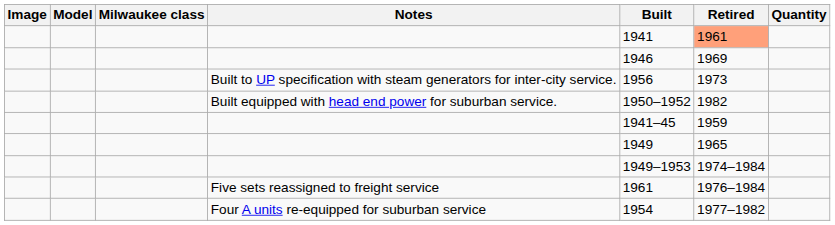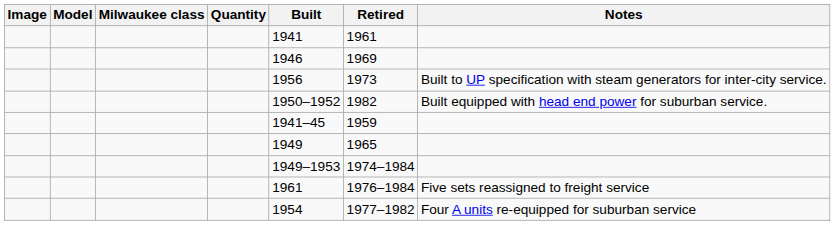 <table class="wikitable sortable">
 <tr>
 <th>Image</th>
 <th>Model</th>
 <th>Milwaukee class</th>
-<th>Notes</th>
+<th>Quantity</th>
 <th>Built</th>
 <th>Retired</th>
-<th>Quantity</th>
+<th>Notes</th>
 </tr>
 <tr>
 <td></td>
 <td></td>
 <td></td>
 <td></td>
 <td>1941</td>
-<td style="background: lightsalmon;">1961</td>
+<td>1961</td>
 <td></td>
 </tr>
 <tr>
 <td></td>
 <td></td>
 <td></td>
 <td></td>
 <td>1946</td>
 <td>1969</td>
 <td></td>
 </tr>
 <tr>
 <td></td>
 <td></td>
 <td></td>
-<td>Built to <a href='#'>UP</a> specification with steam generators for inter-city service.</td>
+<td></td>
 <td>1956</td>
 <td>1973</td>
-<td></td>
+<td>Built to <a href='#'>UP</a> specification with steam generators for inter-city service.</td>
 </tr>
 <tr>
 <td></td>
 <td></td>
 <td></td>
-<td>Built equipped with <a href='#'>head end power</a> for suburban service.</td>
+<td></td>
 <td>1950–1952</td>
 <td>1982</td>
-<td></td>
+<td>Built equipped with <a href='#'>head end power</a> for suburban service.</td>
 </tr>
 <tr>
 <td></td>
 <td></td>
 <td></td>
 <td></td>
 <td>1941–45</td>
 <td>1959</td>
 <td></td>
 </tr>
 <tr>
 <td></td>
 <td></td>
 <td></td>
 <td></td>
 <td>1949</td>
 <td>1965</td>
 <td></td>
 </tr>
 <tr>
 <td></td>
 <td></td>
 <td></td>
 <td></td>
 <td>1949–1953</td>
 <td>1974–1984</td>
 <td></td>
 </tr>
 <tr>
 <td></td>
 <td></td>
 <td></td>
-<td>Five sets reassigned to freight service</td>
+<td></td>
 <td>1961</td>
 <td>1976–1984</td>
-<td></td>
+<td>Five sets reassigned to freight service</td>
 </tr>
 <tr>
 <td></td>
 <td></td>
 <td></td>
-<td>Four <a href='#'>A units</a> re-equipped for suburban service</td>
+<td></td>
 <td>1954</td>
 <td>1977–1982</td>
-<td></td>
+<td>Four <a href='#'>A units</a> re-equipped for suburban service</td>
 </tr>
 </table>
